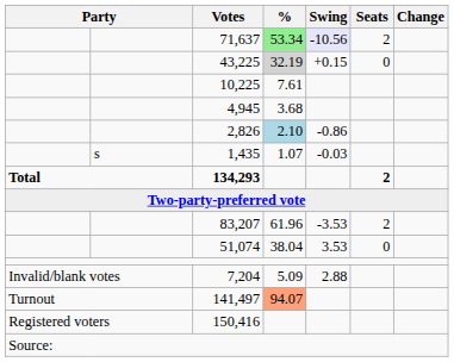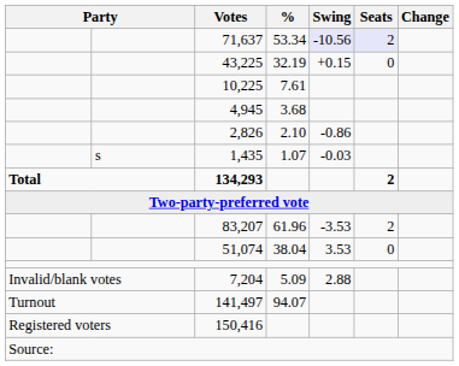 <table class="wikitable">
 <tr>
 <th style="width:200px" colspan=2><strong>Party</strong></th>
 <th style="width:70px; text-align:center;"><strong>Votes</strong></th>
 <th style="width:40px; text-align:center;"><strong>%</strong></th>
 <th style="width:40px; text-align:center;"><strong>Swing</strong></th>
 <th style="width:40px; text-align:center;"><strong>Seats</strong></th>
 <th style="width:40px; text-align:center;"><strong>Change</strong></th>
 </tr>
 <tr>
 <td> </td>
 <td></td>
 <td align=right>71,637</td>
-<td align=right style="background: lightgreen;">53.34</td>
+<td align=right>53.34</td>
 <td align=right style="background: lavender;">-10.56</td>
-<td align=right>2</td>
+<td align=right style="background: lavender;">2</td>
 <td align=right></td>
 </tr>
 <tr>
 <td> </td>
 <td></td>
 <td align=right>43,225</td>
-<td align=right style="background: lightgrey;">32.19</td>
+<td align=right>32.19</td>
 <td align=right>+0.15</td>
 <td align=right>0</td>
 <td align=right></td>
 </tr>
 <tr>
 <td> </td>
 <td></td>
 <td align=right>10,225</td>
 <td align=right>7.61</td>
 <td align=right></td>
 <td align=right></td>
 <td align=right></td>
 </tr>
 <tr>
 <td> </td>
 <td></td>
 <td align=right>4,945</td>
 <td align=right>3.68</td>
 <td align=right></td>
 <td align=right></td>
 <td align=right></td>
 </tr>
 <tr>
 <td> </td>
 <td></td>
 <td align=right>2,826</td>
-<td align=right style="background: lightblue;">2.10</td>
+<td align=right>2.10</td>
 <td align=right>-0.86</td>
 <td align=right></td>
 <td align=right></td>
 </tr>
 <tr>
 <td> </td>
 <td>s</td>
 <td align=right>1,435</td>
 <td align=right>1.07</td>
 <td align=right>-0.03</td>
 <td align=right></td>
 <td align=right></td>
 </tr>
 <tr>
 <td colspan=2 align="left"><strong>Total</strong></td>
 <td align=right><strong>134,293</strong></td>
 <td align=right></td>
 <td align=right></td>
 <td align=right><strong>2</strong></td>
 <td align=right></td>
 </tr>
 <tr>
 <td colspan=7 style="text-align:center; background:#eee;"><strong><a href='#'>Two-party-preferred vote</a></strong></td>
 </tr>
 <tr>
 <td> </td>
 <td></td>
 <td align=right>83,207</td>
 <td align=right>61.96</td>
 <td align=right>-3.53</td>
 <td align=right>2</td>
 <td align=right></td>
 </tr>
 <tr>
 <td> </td>
 <td></td>
 <td align=right>51,074</td>
 <td align=right>38.04</td>
 <td align=right>3.53</td>
 <td align=right>0</td>
 <td align=right></td>
 </tr>
 <tr>
 <td colspan=7></td>
 </tr>
 <tr>
 <td colspan=2 style="text-align:left;">Invalid/blank votes</td>
 <td align=right>7,204</td>
 <td align=right>5.09</td>
 <td align=right>2.88</td>
 <td></td>
 <td></td>
 </tr>
 <tr>
 <td colspan=2 style="text-align:left;">Turnout</td>
 <td align=right>141,497</td>
-<td align=right style="background: lightsalmon;">94.07</td>
+<td align=right>94.07</td>
 <td></td>
 <td></td>
 <td></td>
 </tr>
 <tr>
 <td colspan=2 style="text-align:left;">Registered voters</td>
 <td align=right>150,416</td>
 <td></td>
 <td></td>
 <td></td>
 <td></td>
 </tr>
 <tr>
 <td colspan="8" align="left">Source: </td>
 </tr>
 </table>
